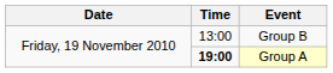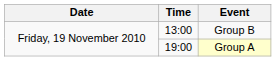 <table class = "wikitable" style="text-align:center;">
 <tr>
 <th width=220>Date</th>
 <th width=50>Time</th>
 <th width=100>Event</th>
 </tr>
 <tr>
 <td rowspan=2>Friday, 19 November 2010</td>
 <td>13:00</td>
 <td>Group B</td>
 </tr>
 <tr>
-<td><strong>19:00</strong></td>
+<td>19:00</td>
 <td bgcolor=ffffcc>Group A</td>
 </tr>
 </table>
